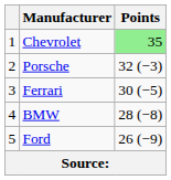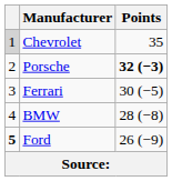 <table class="wikitable" style="font-size: 95%;">
 <tr>
 <th scope="col"></th>
 <th scope="col">Manufacturer</th>
 <th scope="col">Points</th>
 </tr>
 <tr>
-<td align=center>1</td>
+<td align=center style="background: lightgrey;">1</td>
 <td> <a href='#'>Chevrolet</a></td>
-<td align=right style="background: lightgreen;">35</td>
+<td align=right>35</td>
 </tr>
 <tr>
 <td align=center>2</td>
 <td> <a href='#'>Porsche</a></td>
-<td align=right>32 (−3)</td>
+<td align=right><strong>32 (−3)</strong></td>
 </tr>
 <tr>
 <td align=center>3</td>
 <td> <a href='#'>Ferrari</a></td>
 <td align=right>30 (−5)</td>
 </tr>
 <tr>
 <td align=center>4</td>
 <td> <a href='#'>BMW</a></td>
 <td align=right>28 (−8)</td>
 </tr>
 <tr>
-<td align=center>5</td>
+<td align=center><strong>5</strong></td>
 <td> <a href='#'>Ford</a></td>
 <td align=right>26 (−9)</td>
 </tr>
 <tr>
 <th colspan=4>Source:</th>
 </tr>
 </table>
